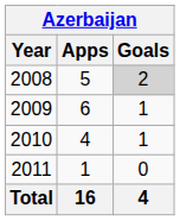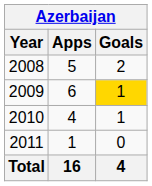 <table class="wikitable" style="text-align:center">
 <tr>
 <th colspan=3><a href='#'>Azerbaijan</a></th>
 </tr>
 <tr>
 <th>Year</th>
 <th>Apps</th>
 <th>Goals</th>
 </tr>
 <tr>
 <td>2008</td>
 <td>5</td>
-<td style="background: lightgrey;">2</td>
+<td>2</td>
 </tr>
 <tr>
 <td>2009</td>
 <td>6</td>
-<td>1</td>
+<td style="background: gold;">1</td>
 </tr>
 <tr>
 <td>2010</td>
 <td>4</td>
 <td>1</td>
 </tr>
 <tr>
 <td>2011</td>
 <td>1</td>
 <td>0</td>
 </tr>
 <tr>
 <th>Total</th>
 <th>16</th>
 <th>4</th>
 </tr>
 </table>
